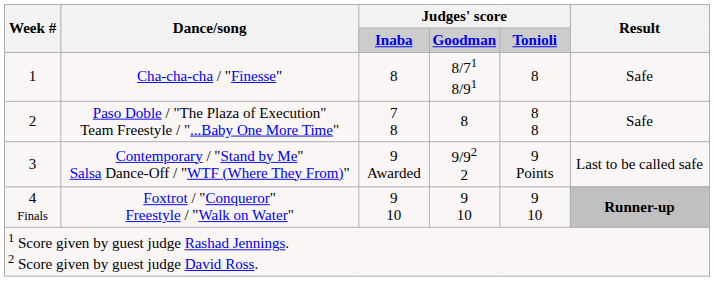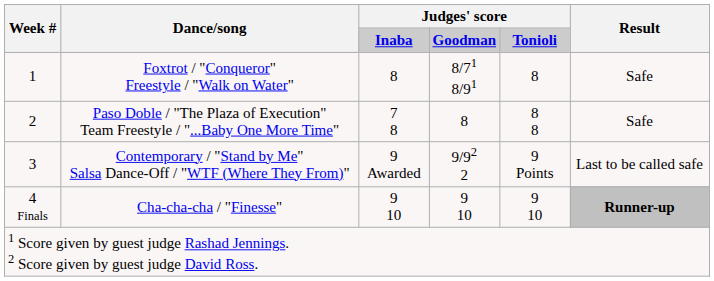 <table class="wikitable collapsible collapsed">
 <tr style="text-align: center; background:#ccc;">
 <th rowspan="2">Week #</th>
 <th rowspan="2">Dance/song</th>
 <th colspan="3">Judges' score</th>
 <th rowspan="2">Result</th>
 </tr>
 <tr style="text-align: center; background:#ccc;">
 <td style="width:10%; "><strong><a href='#'>Inaba</a></strong></td>
 <td style="width:10%; "><strong><a href='#'>Goodman</a></strong></td>
 <td style="width:10%; "><strong><a href='#'>Tonioli</a></strong></td>
 </tr>
 <tr>
 <td align="center" bgcolor="FAF6F6">1</td>
-<td align="center" bgcolor="FAF6F6"><a href='#'>Cha-cha-cha</a> / "<a href='#'>Finesse</a>"</td>
+<td align="center" bgcolor="FAF6F6"><a href='#'>Foxtrot</a> / "<a href='#'>Conqueror</a>" <br> <a href='#'>Freestyle</a> / "<a href='#'>Walk on Water</a>"</td>
 <td align="center" bgcolor="FAF6F6">8</td>
 <td align="center" bgcolor="FAF6F6">8/7<sup>1</sup> <br> 8/9<sup>1</sup></td>
 <td align="center" bgcolor="FAF6F6">8</td>
 <td align="center" bgcolor="FAF6F6">Safe</td>
 </tr>
 <tr>
 <td align="center" bgcolor="FAF6F6">2</td>
 <td align="center" bgcolor="FAF6F6"><a href='#'>Paso Doble</a> / "The Plaza of Execution" <br> Team Freestyle / "<a href='#'>...Baby One More Time</a>"</td>
 <td align="center" bgcolor="FAF6F6">7 <br> 8</td>
 <td align="center" bgcolor="FAF6F6">8</td>
 <td align="center" bgcolor="FAF6F6">8 <br> 8</td>
 <td align="center" bgcolor="FAF6F6">Safe</td>
 </tr>
 <tr>
 <td align="center" bgcolor="FAF6F6">3</td>
 <td align="center" bgcolor="FAF6F6"><a href='#'>Contemporary</a> / "<a href='#'>Stand by Me</a>" <br> <a href='#'>Salsa</a> Dance-Off / "<a href='#'>WTF (Where They From)</a>"</td>
 <td align="center" bgcolor="FAF6F6">9 <br> Awarded</td>
 <td align="center" bgcolor="FAF6F6">9/9<sup>2</sup> <br> 2</td>
 <td align="center" bgcolor="FAF6F6">9 <br> Points</td>
 <td align="center" bgcolor="FAF6F6">Last to be called safe</td>
 </tr>
 <tr>
 <td align="center" bgcolor="FAF6F6">4<br><small>Finals</small></td>
-<td align="center" bgcolor="FAF6F6"><a href='#'>Foxtrot</a> / "<a href='#'>Conqueror</a>" <br> <a href='#'>Freestyle</a> / "<a href='#'>Walk on Water</a>"</td>
+<td align="center" bgcolor="FAF6F6"><a href='#'>Cha-cha-cha</a> / "<a href='#'>Finesse</a>"</td>
 <td align="center" bgcolor="FAF6F6">9 <br> 10</td>
 <td align="center" bgcolor="FAF6F6">9 <br> 10</td>
 <td align="center" bgcolor="FAF6F6">9 <br> 10</td>
 <th style="background:silver;"><strong>Runner-up</strong></th>
 </tr>
 <tr>
 <td colspan="7" style="background:#faf6f6; text-align:left;"><sup>1</sup> Score given by guest judge <a href='#'>Rashad Jennings</a>. <br> <sup>2</sup> Score given by guest judge <a href='#'>David Ross</a>.</td>
 </tr>
 </table>
